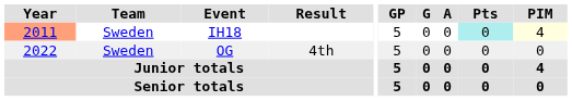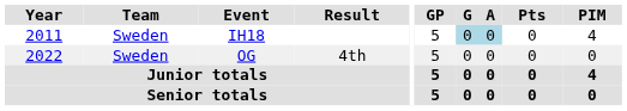 <table border="0" cellpadding="1" cellspacing="0" ID="Table3" style="text-align:center; width:40em">
 <tr ALIGN="center" bgcolor="#e0e0e0">
 <th>Year</th>
 <th>Team</th>
 <th>Event</th>
 <th>Result</th>
 <th rowspan="99" bgcolor="#ffffff"></th>
 <th>GP</th>
 <th>G</th>
 <th>A</th>
 <th>Pts</th>
 <th>PIM</th>
 </tr>
 <tr>
-<td style="background: lightsalmon;"><a href='#'>2011</a></td>
+<td><a href='#'>2011</a></td>
 <td><a href='#'>Sweden</a></td>
 <td><a href='#'>IH18</a></td>
 <td></td>
 <td>5</td>
+<td style="background: lightblue;">0</td>
+<td style="background: lightblue;">0</td>
 <td>0</td>
-<td>0</td>
-<td style="background: paleturquoise;">0</td>
-<td style="background: lightyellow;">4</td>
+<td>4</td>
 </tr>
 <tr bgcolor="#f0f0f0">
 <td><a href='#'>2022</a></td>
 <td><a href='#'>Sweden</a></td>
 <td><a href='#'>OG</a></td>
 <td>4th</td>
 <td>5</td>
 <td>0</td>
 <td>0</td>
 <td>0</td>
 <td>0</td>
 </tr>
 <tr bgcolor="#e0e0e0">
 <th colspan="4">Junior totals</th>
 <th>5</th>
 <th>0</th>
 <th>0</th>
 <th>0</th>
 <th>4</th>
 </tr>
 <tr bgcolor="#e0e0e0">
 <th colspan="4">Senior totals</th>
 <th>5</th>
 <th>0</th>
 <th>0</th>
 <th>0</th>
 <th>0</th>
 </tr>
 </table>
